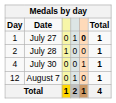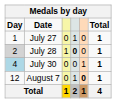 <table class=wikitable style="font-size:85%; float:right;text-align:center">
 <tr>
 <th colspan=7><strong>Medals by day</strong></th>
 </tr>
 <tr>
 <td><strong>Day</strong></td>
 <td><strong>Date</strong></td>
 <td bgcolor=F7F6A8></td>
 <td bgcolor=DCE5E5></td>
 <td bgcolor=FFDAB9></td>
 <td><strong>Total</strong></td>
 </tr>
 <tr>
 <td>1</td>
 <td>July 27</td>
 <td bgcolor=F7F6A8>0</td>
 <td bgcolor=DCE5E5>1</td>
-<td bgcolor=FFDAB9><strong>0</strong></td>
-<td><strong>1</strong></td>
-</tr>
-<tr>
-<td>2</td>
-<td>July 28</td>
-<td bgcolor=F7F6A8>1</td>
-<td bgcolor=DCE5E5>0</td>
 <td bgcolor=FFDAB9>0</td>
 <td><strong>1</strong></td>
 </tr>
 <tr>
-<td>4</td>
+<td style="background: lightgrey;">2</td>
+<td>July 28</td>
+<td bgcolor=F7F6A8>1</td>
+<td bgcolor=DCE5E5><strong>0</strong></td>
+<td bgcolor=FFDAB9>0</td>
+<td><strong>1</strong></td>
+</tr>
+<tr>
+<td style="background: lightblue;">4</td>
 <td>July 30</td>
 <td bgcolor=F7F6A8>0</td>
 <td bgcolor=DCE5E5>0</td>
 <td bgcolor=FFDAB9>1</td>
 <td><strong>1</strong></td>
 </tr>
 <tr>
 <td>12</td>
 <td>August 7</td>
 <td bgcolor=F7F6A8>0</td>
 <td bgcolor=DCE5E5>1</td>
-<td bgcolor=FFDAB9>0</td>
+<td bgcolor=FFDAB9><strong>0</strong></td>
 <td><strong>1</strong><br></td>
 </tr>
 <tr>
 <th colspan=2><strong>Total</strong></th>
 <th style=background:gold><strong>1</strong></th>
 <th style=background:silver><strong>2</strong></th>
 <th style=background:#C96><strong>1</strong></th>
 <th><strong>4</strong></th>
 </tr>
 </table>
